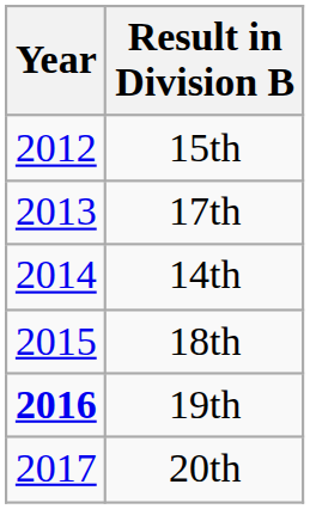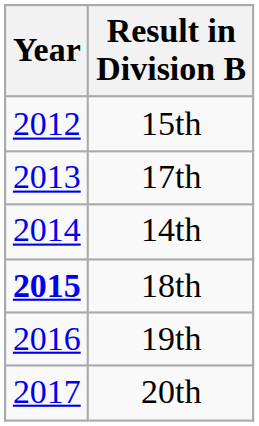 <table class="wikitable" style="text-align:center">
 <tr>
 <th>Year</th>
 <th>Result in<br>Division B</th>
 </tr>
 <tr>
 <td><a href='#'>2012</a></td>
 <td>15th</td>
 </tr>
 <tr>
 <td><a href='#'>2013</a></td>
 <td>17th</td>
 </tr>
 <tr>
 <td><a href='#'>2014</a></td>
 <td>14th</td>
 </tr>
 <tr>
-<td><a href='#'>2015</a></td>
+<td><strong><a href='#'>2015</a></strong></td>
 <td>18th</td>
 </tr>
 <tr>
-<td><strong><a href='#'>2016</a></strong></td>
+<td><a href='#'>2016</a></td>
 <td>19th</td>
 </tr>
 <tr>
 <td><a href='#'>2017</a></td>
 <td>20th</td>
 </tr>
 </table>
